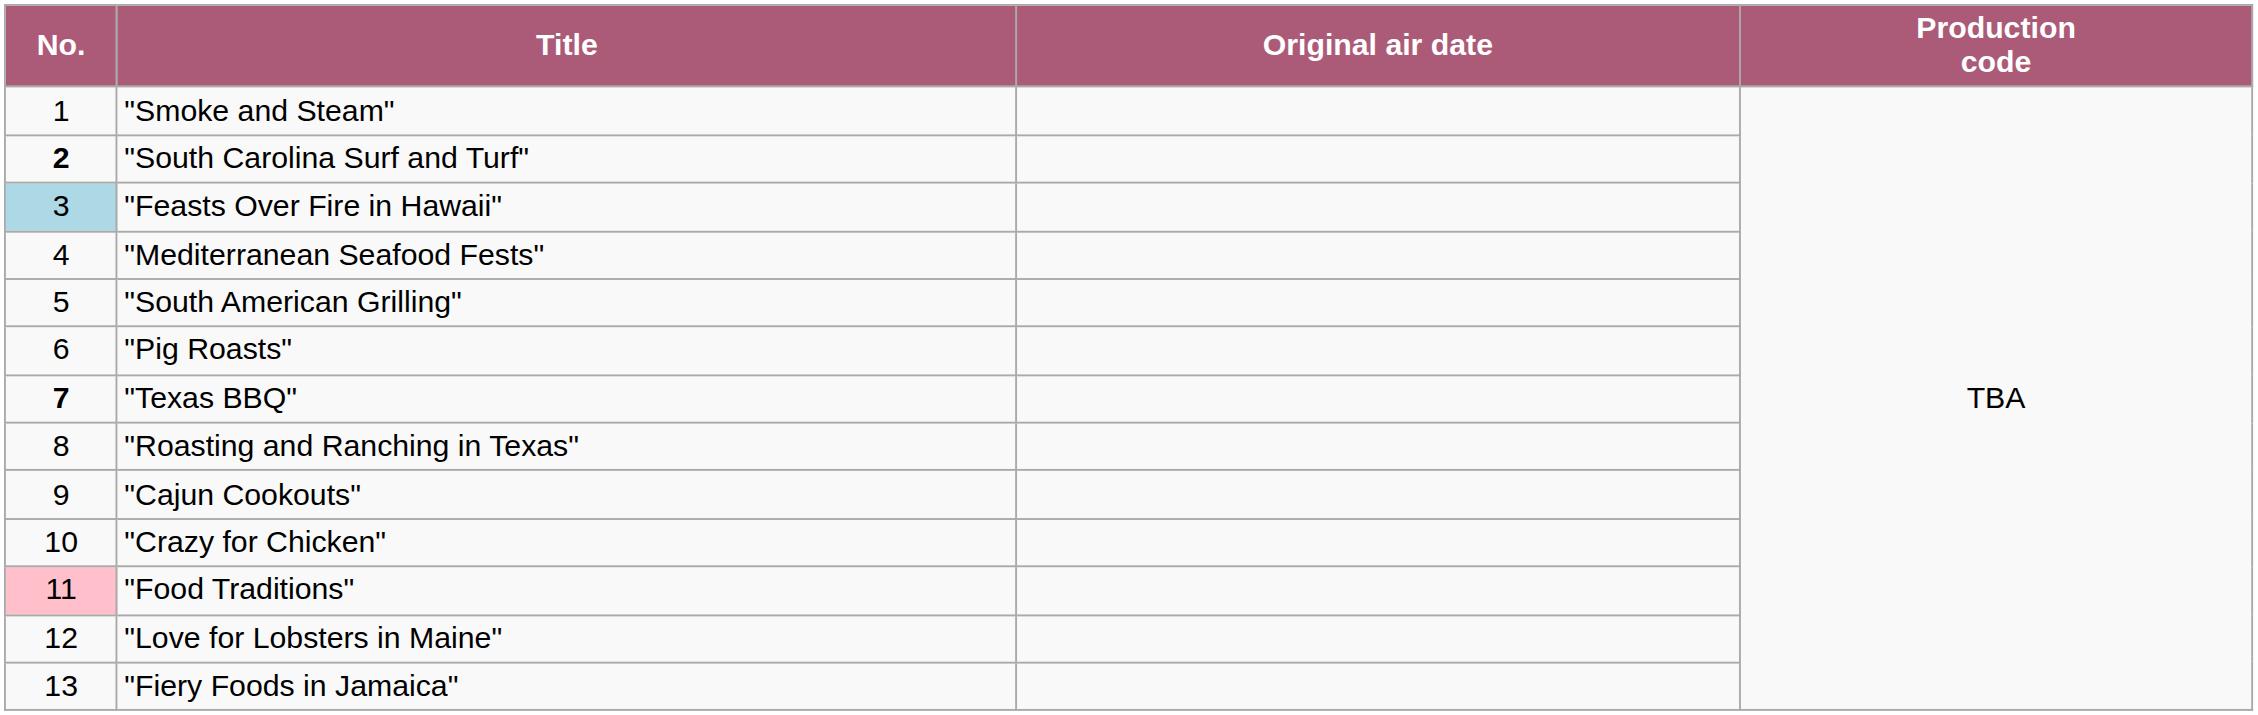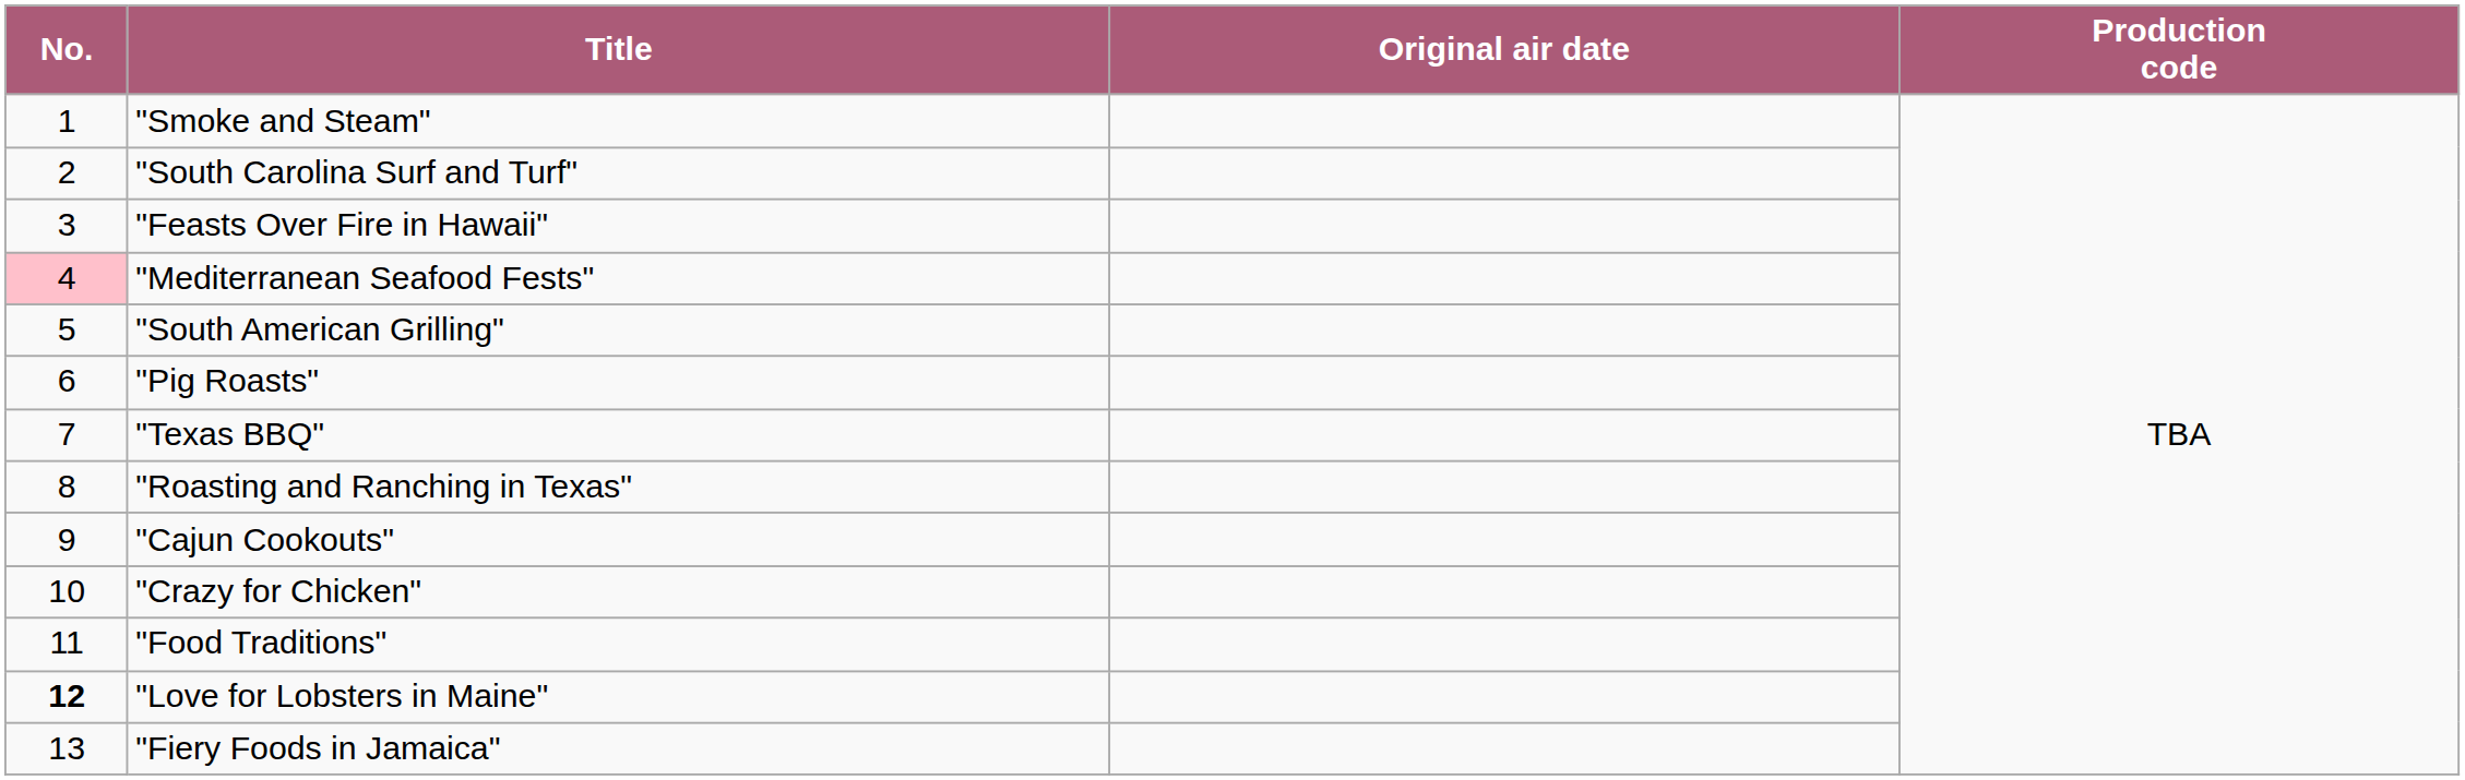 <table class="wikitable plainrowheaders" style="width:60%;">
 <tr>
 <th style="background-color: #ab5b78; color: #FFFFFF;" width=5%>No.</th>
 <th style="background-color: #ab5b78; color: #FFFFFF;" width=40%>Title</th>
 <th style="background-color: #ab5b78; color: #FFFFFF;">Original air date</th>
 <th style="background-color: #ab5b78; color: #FFFFFF;">Production<br>code</th>
 </tr>
 <tr>
 <td align=center>1</td>
 <td>"Smoke and Steam"</td>
 <td align=center></td>
 <td align=center rowspan=13>TBA</td>
 </tr>
 <tr>
-<td align=center><strong>2</strong></td>
+<td align=center>2</td>
 <td>"South Carolina Surf and Turf"</td>
 <td align=center></td>
 </tr>
 <tr>
-<td align=center style="background: lightblue;">3</td>
+<td align=center>3</td>
 <td>"Feasts Over Fire in Hawaii"</td>
 <td align=center></td>
 </tr>
 <tr>
-<td align=center>4</td>
+<td align=center style="background: pink;">4</td>
 <td>"Mediterranean Seafood Fests"</td>
 <td align=center></td>
 </tr>
 <tr>
 <td align=center>5</td>
 <td>"South American Grilling"</td>
 <td align=center></td>
 </tr>
 <tr>
 <td align=center>6</td>
 <td>"Pig Roasts"</td>
 <td align=center></td>
 </tr>
 <tr>
-<td align=center><strong>7</strong></td>
+<td align=center>7</td>
 <td>"Texas BBQ"</td>
 <td align=center></td>
 </tr>
 <tr>
 <td align=center>8</td>
 <td>"Roasting and Ranching in Texas"</td>
 <td align=center></td>
 </tr>
 <tr>
 <td align=center>9</td>
 <td>"Cajun Cookouts"</td>
 <td align=center></td>
 </tr>
 <tr>
 <td align=center>10</td>
 <td>"Crazy for Chicken"</td>
 <td align=center></td>
 </tr>
 <tr>
-<td align=center style="background: pink;">11</td>
+<td align=center>11</td>
 <td>"Food Traditions"</td>
 <td align=center></td>
 </tr>
 <tr>
-<td align=center>12</td>
+<td align=center><strong>12</strong></td>
 <td>"Love for Lobsters in Maine"</td>
 <td align=center></td>
 </tr>
 <tr>
 <td align=center>13</td>
 <td>"Fiery Foods in Jamaica"</td>
 <td align=center></td>
 </tr>
 </table>
